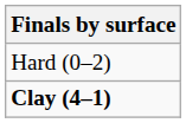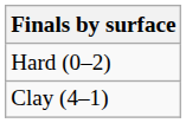 <table class="wikitable" style="font-size:90%">
 <tr>
 <th>Finals by surface</th>
 </tr>
 <tr>
 <td>Hard (0–2)</td>
 </tr>
 <tr>
-<td><strong>Clay (4–1)</strong></td>
+<td>Clay (4–1)</td>
 </tr>
 </table>
